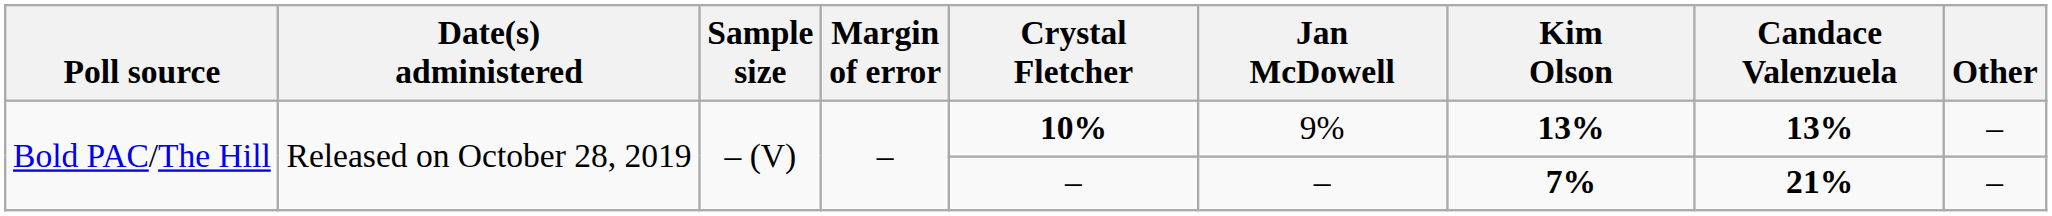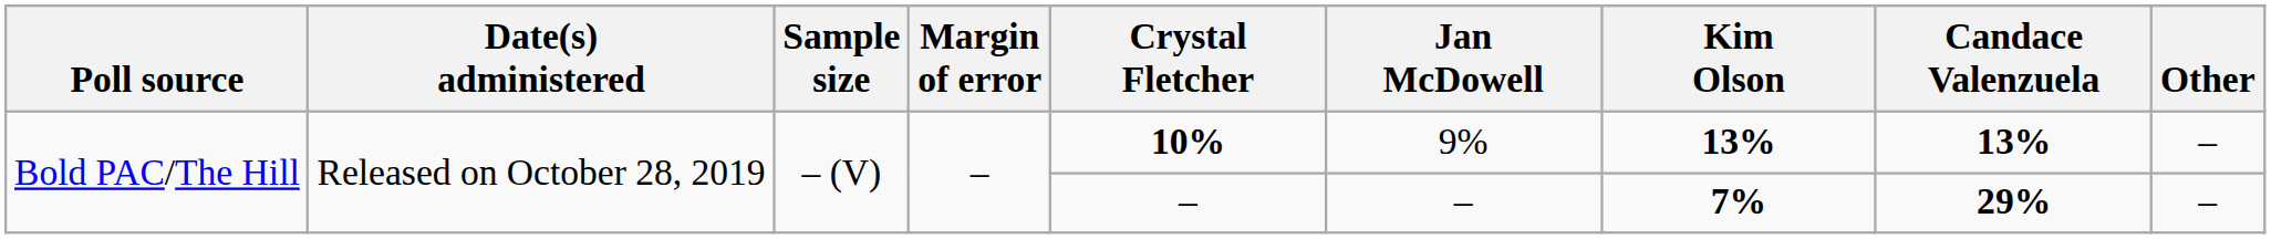 <table class="wikitable" style="font-size:90%;text-align:center;">
 <tr valign=bottom>
 <th>Poll source</th>
 <th>Date(s)<br>administered</th>
 <th>Sample<br>size</th>
 <th>Margin<br>of error</th>
 <th style="width:100px;">Crystal<br>Fletcher</th>
 <th style="width:100px;">Jan<br>McDowell</th>
 <th style="width:100px;">Kim<br>Olson</th>
 <th style="width:100px;">Candace<br>Valenzuela</th>
 <th>Other</th>
 </tr>
 <tr>
 <td rowspan=2 style="text-align:left;"><a href='#'>Bold PAC</a>/<a href='#'>The Hill</a></td>
 <td rowspan=2>Released on October 28, 2019</td>
 <td rowspan=2>– (V)</td>
 <td rowspan=2>–</td>
 <td><strong>10%</strong></td>
 <td>9%</td>
 <td><strong>13%</strong></td>
 <td><strong>13%</strong></td>
 <td>–</td>
 </tr>
 <tr>
 <td>–</td>
 <td>–</td>
 <td><strong>7%</strong></td>
-<td><strong>21%</strong></td>
+<td><strong>29%</strong></td>
 <td>–</td>
 </tr>
 </table>
